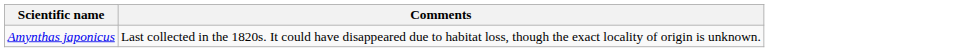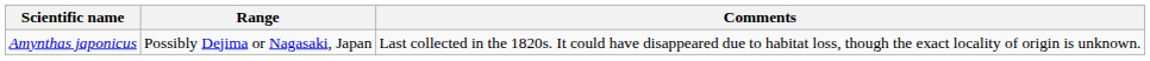 <table class="wikitable">
 <tr>
 <th>Scientific name</th>
+<th>Range</th>
 <th class="unsortable">Comments</th>
 </tr>
 <tr>
 <td><em><a href='#'>Amynthas japonicus</a></em></td>
+<td>Possibly <a href='#'>Dejima</a> or <a href='#'>Nagasaki</a>, Japan</td>
 <td>Last collected in the 1820s. It could have disappeared due to habitat loss, though the exact locality of origin is unknown.</td>
 </tr>
 </table>
